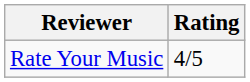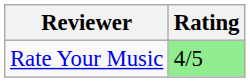 <table class="wikitable">
 <tr>
 <th>Reviewer</th>
 <th>Rating</th>
 </tr>
 <tr>
 <td><a href='#'>Rate Your Music</a></td>
-<td>4/5</td>
+<td style="background: lightgreen;">4/5</td>
 </tr>
 </table>
